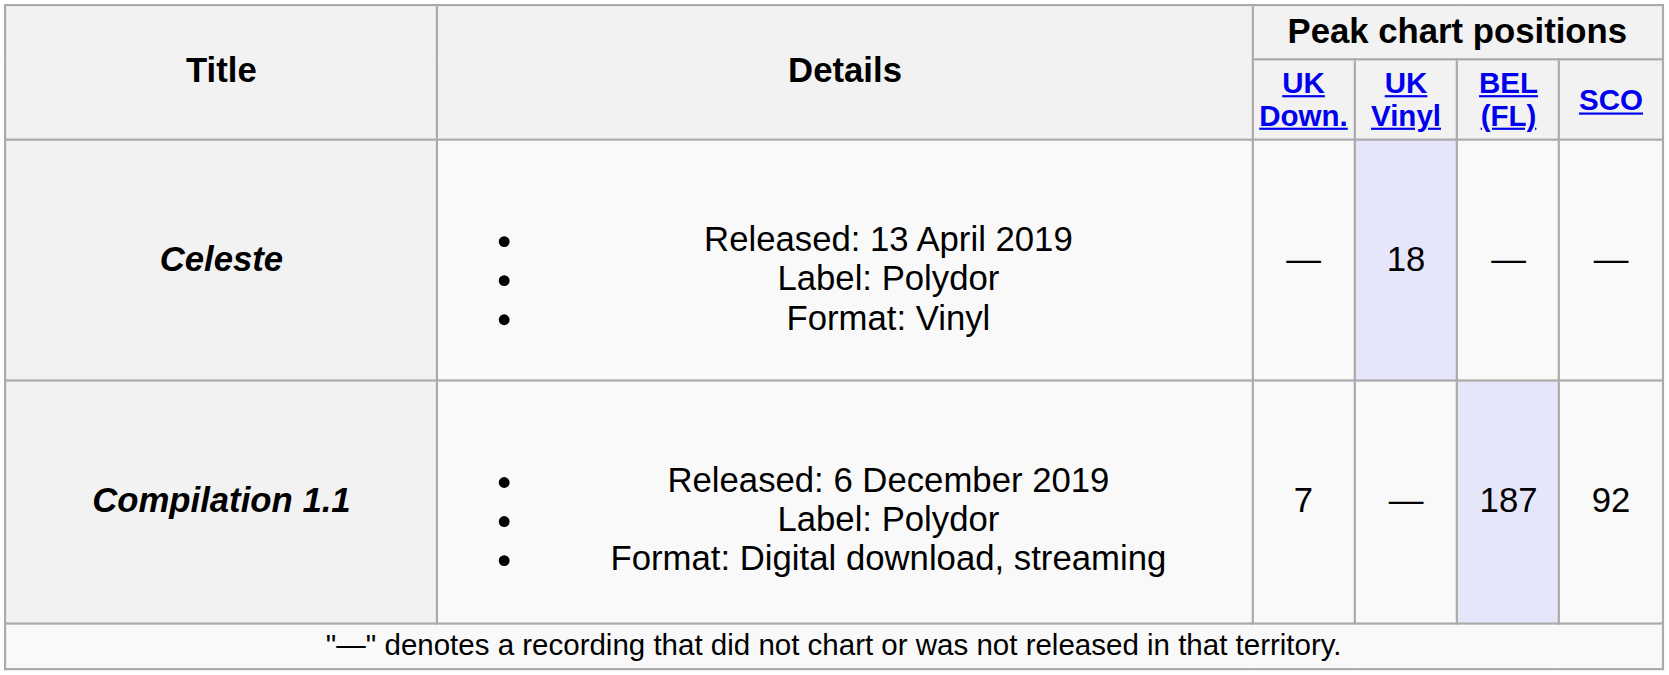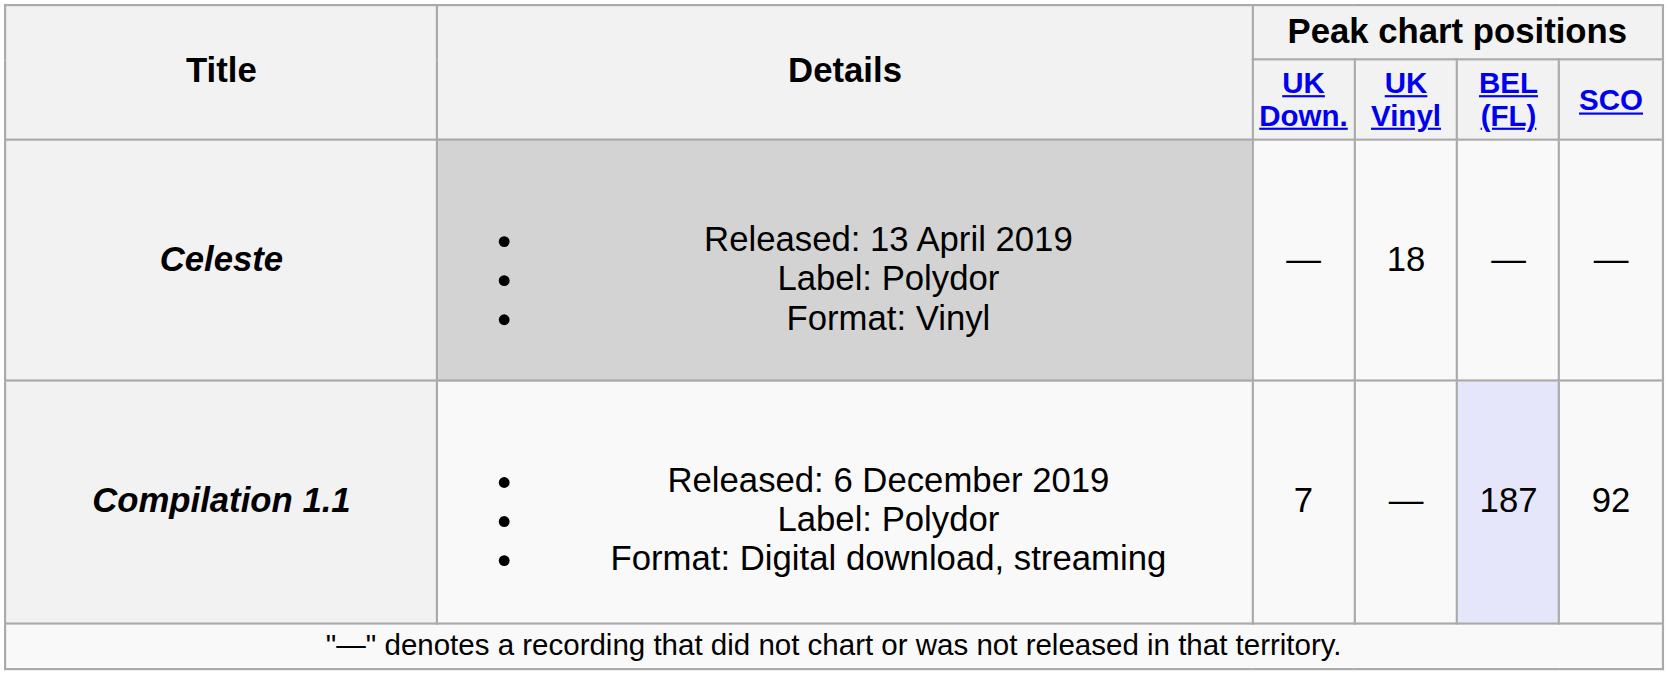 <table class="wikitable plainrowheaders" style="text-align:center;">
 <tr>
 <th scope="col" rowspan="2" style="width:12em;">Title</th>
 <th scope="col" rowspan="2" style="width:23em;">Details</th>
 <th scope="col" colspan="4">Peak chart positions</th>
 </tr>
 <tr>
 <th scope="col" style="width:3em;font-size:85%;"><a href='#'>UK<br>Down.</a><br></th>
 <th scope="col" style="width:3em;font-size:85%;"><a href='#'>UK<br>Vinyl</a><br></th>
 <th scope="col" style="width:3em;font-size:85%;"><a href='#'>BEL<br>(FL)</a><br></th>
 <th scope="col" style="width:3em;font-size:85%;"><a href='#'>SCO</a><br></th>
 </tr>
 <tr>
 <th scope="row"><em>Celeste</em></th>
-<td><br><ul><li>Released: 13 April 2019</li><li>Label: Polydor</li><li>Format: Vinyl</li></ul></td>
+<td style="background: lightgrey;"><br><ul><li>Released: 13 April 2019</li><li>Label: Polydor</li><li>Format: Vinyl</li></ul></td>
 <td>—</td>
-<td style="background: lavender;">18</td>
+<td>18</td>
 <td>—</td>
 <td>—</td>
 </tr>
 <tr>
 <th scope="row"><em>Compilation 1.1</em></th>
 <td><br><ul><li>Released: 6 December 2019</li><li>Label: Polydor</li><li>Format: Digital download, streaming</li></ul></td>
 <td>7</td>
 <td>—</td>
 <td style="background: lavender;">187</td>
 <td>92</td>
 </tr>
 <tr>
 <td colspan="13" style="font-size:85%">"—" denotes a recording that did not chart or was not released in that territory.</td>
 </tr>
 </table>
